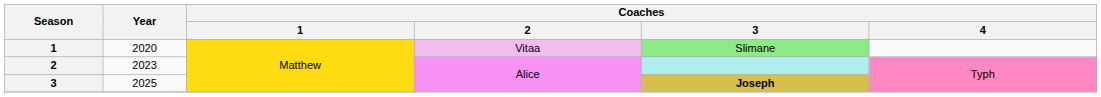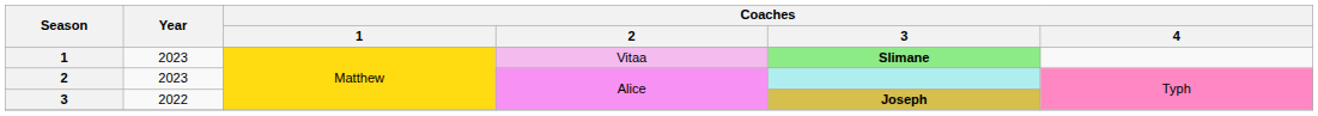 <table class="wikitable collapsible collapsed" style="text-align:center; width:100%">
 <tr>
 <th width="2%" rowspan="2">Season</th>
 <th width="2%" rowspan="2">Year</th>
 <th colspan="4">Coaches</th>
 </tr>
 <tr>
 <th width="6%">1</th>
 <th width="6%">2</th>
 <th width="6%">3</th>
 <th width="6%">4</th>
 </tr>
 <tr>
 <th>1</th>
-<td>2020</td>
+<td>2023</td>
 <td rowspan="3" style="background:#ffdb11">Matthew</td>
 <td style="background:#f4bbee">Vitaa</td>
-<td style="background:#8deb87">Slimane</td>
+<td style="background:#8deb87"><strong>Slimane</strong></td>
 <td></td>
 </tr>
 <tr>
 <th>2</th>
 <td>2023</td>
 <td rowspan="2" style="background:#f791f3">Alice</td>
 <td style="background:#afeeee"></td>
 <td rowspan="2" style="background:#FF87C3">Typh</td>
 </tr>
 <tr>
 <th>3</th>
-<td>2025</td>
+<td>2022</td>
 <td style="background:#d6bf4d"><strong>Joseph</strong></td>
 </tr>
 <tr>
 </tr>
 </table>
